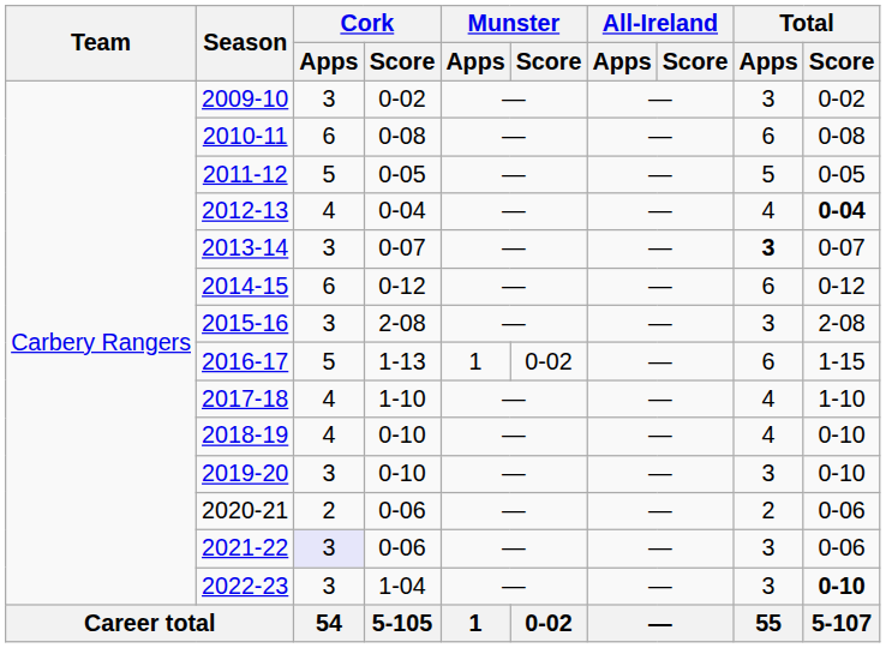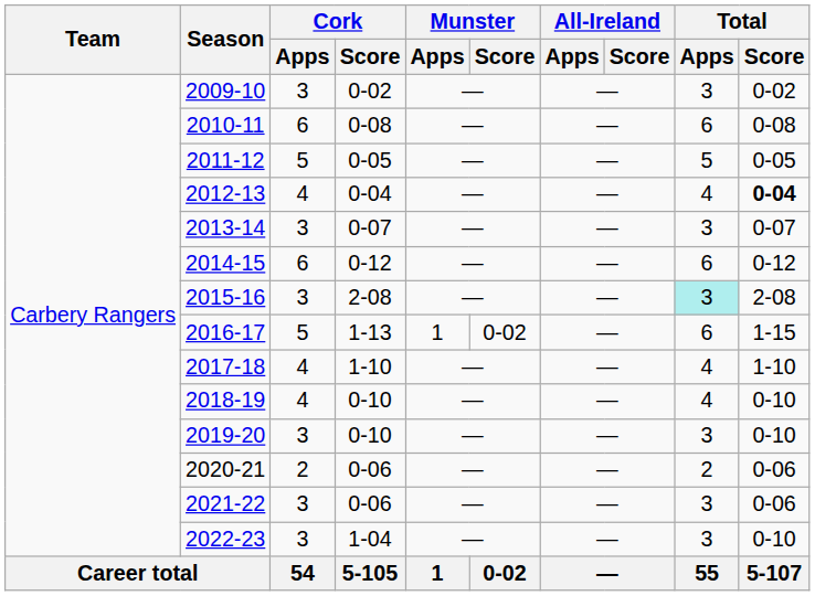 <table class="wikitable" style="text-align:center">
 <tr>
 <th rowspan="2">Team</th>
 <th rowspan="2">Season</th>
 <th colspan="2"><a href='#'>Cork</a></th>
 <th colspan="2"><a href='#'>Munster</a></th>
 <th colspan="2"><a href='#'>All-Ireland</a></th>
 <th colspan="2">Total</th>
 </tr>
 <tr>
 <th>Apps</th>
 <th>Score</th>
 <th>Apps</th>
 <th>Score</th>
 <th>Apps</th>
 <th>Score</th>
 <th>Apps</th>
 <th>Score</th>
 </tr>
 <tr>
 <td rowspan="14"><a href='#'>Carbery Rangers</a></td>
 <td><a href='#'>2009-10</a></td>
 <td>3</td>
 <td>0-02</td>
 <td colspan=2>—</td>
 <td colspan=2>—</td>
 <td>3</td>
 <td>0-02</td>
 </tr>
 <tr>
 <td><a href='#'>2010-11</a></td>
 <td>6</td>
 <td>0-08</td>
 <td colspan=2>—</td>
 <td colspan=2>—</td>
 <td>6</td>
 <td>0-08</td>
 </tr>
 <tr>
 <td><a href='#'>2011-12</a></td>
 <td>5</td>
 <td>0-05</td>
 <td colspan=2>—</td>
 <td colspan=2>—</td>
 <td>5</td>
 <td>0-05</td>
 </tr>
 <tr>
 <td><a href='#'>2012-13</a></td>
 <td>4</td>
 <td>0-04</td>
 <td colspan=2>—</td>
 <td colspan=2>—</td>
 <td>4</td>
 <td><strong>0-04</strong></td>
 </tr>
 <tr>
 <td><a href='#'>2013-14</a></td>
 <td>3</td>
 <td>0-07</td>
 <td colspan=2>—</td>
 <td colspan=2>—</td>
-<td><strong>3</strong></td>
+<td>3</td>
 <td>0-07</td>
 </tr>
 <tr>
 <td><a href='#'>2014-15</a></td>
 <td>6</td>
 <td>0-12</td>
 <td colspan=2>—</td>
 <td colspan=2>—</td>
 <td>6</td>
 <td>0-12</td>
 </tr>
 <tr>
 <td><a href='#'>2015-16</a></td>
 <td>3</td>
 <td>2-08</td>
 <td colspan=2>—</td>
 <td colspan=2>—</td>
-<td>3</td>
+<td style="background: paleturquoise;">3</td>
 <td>2-08</td>
 </tr>
 <tr>
 <td><a href='#'>2016-17</a></td>
 <td>5</td>
 <td>1-13</td>
 <td>1</td>
 <td>0-02</td>
 <td colspan=2>—</td>
 <td>6</td>
 <td>1-15</td>
 </tr>
 <tr>
 <td><a href='#'>2017-18</a></td>
 <td>4</td>
 <td>1-10</td>
 <td colspan=2>—</td>
 <td colspan=2>—</td>
 <td>4</td>
 <td>1-10</td>
 </tr>
 <tr>
 <td><a href='#'>2018-19</a></td>
 <td>4</td>
 <td>0-10</td>
 <td colspan=2>—</td>
 <td colspan=2>—</td>
 <td>4</td>
 <td>0-10</td>
 </tr>
 <tr>
 <td><a href='#'>2019-20</a></td>
 <td>3</td>
 <td>0-10</td>
 <td colspan=2>—</td>
 <td colspan=2>—</td>
 <td>3</td>
 <td>0-10</td>
 </tr>
 <tr>
 <td>2020-21</td>
 <td>2</td>
 <td>0-06</td>
 <td colspan=2>—</td>
 <td colspan=2>—</td>
 <td>2</td>
 <td>0-06</td>
 </tr>
 <tr>
 <td><a href='#'>2021-22</a></td>
-<td style="background: lavender;">3</td>
+<td>3</td>
 <td>0-06</td>
 <td colspan=2>—</td>
 <td colspan=2>—</td>
 <td>3</td>
 <td>0-06</td>
 </tr>
 <tr>
 <td><a href='#'>2022-23</a></td>
 <td>3</td>
 <td>1-04</td>
 <td colspan=2>—</td>
 <td colspan=2>—</td>
 <td>3</td>
-<td><strong>0-10</strong></td>
+<td>0-10</td>
 </tr>
 <tr>
 <th colspan="2">Career total</th>
 <th>54</th>
 <th>5-105</th>
 <th>1</th>
 <th>0-02</th>
 <th colspan=2>—</th>
 <th>55</th>
 <th>5-107</th>
 </tr>
 </table>
